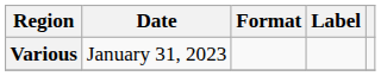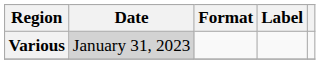 <table class="wikitable plainrowheaders">
 <tr>
 <th scope="col">Region</th>
 <th scope="col">Date</th>
 <th scope="col">Format</th>
 <th scope="col">Label</th>
 <th scope="col"></th>
 </tr>
 <tr>
 <th scope="row">Various</th>
-<td>January 31, 2023</td>
+<td style="background: lightgrey;">January 31, 2023</td>
 <td></td>
 <td></td>
 <td></td>
 </tr>
 <tr>
 </tr>
 </table>
